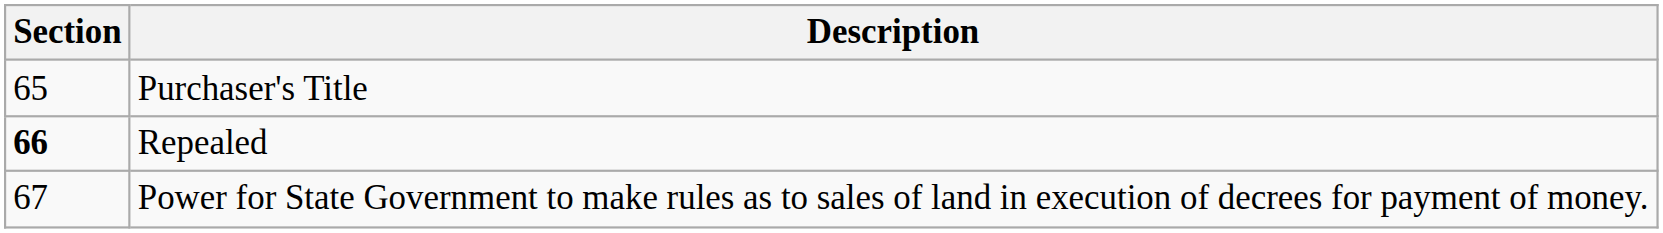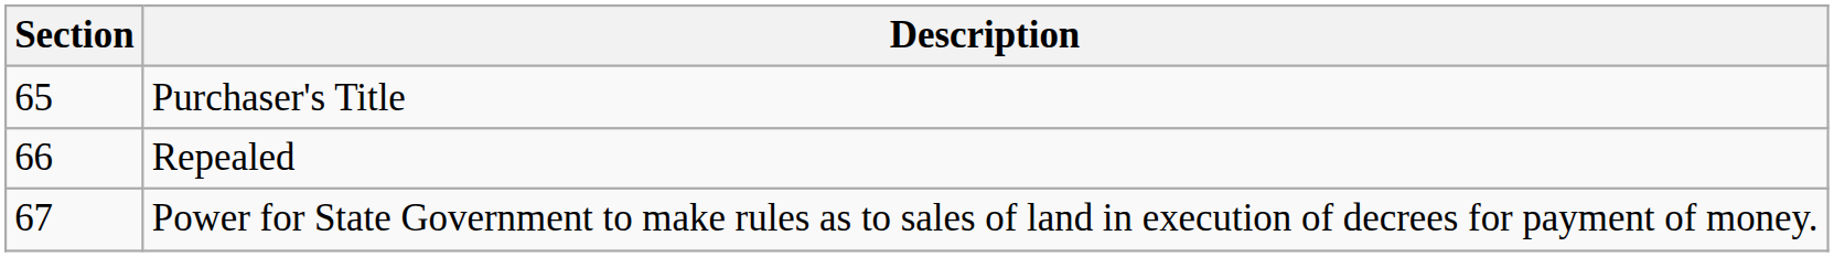 <table class="wikitable">
 <tr>
 <th>Section</th>
 <th>Description</th>
 </tr>
 <tr>
 <td>65</td>
 <td>Purchaser's Title</td>
 </tr>
 <tr>
-<td><strong>66</strong></td>
+<td>66</td>
 <td>Repealed</td>
 </tr>
 <tr>
 <td>67</td>
 <td>Power for State Government to make rules as to sales of land in execution of decrees for payment of money.</td>
 </tr>
 </table>
